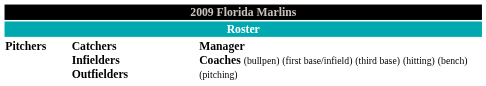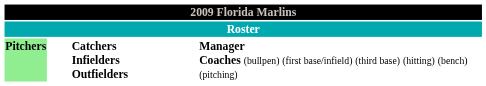 <table class="toccolours" style="font-size: 95%;">
 <tr>
 <th colspan="10" style="background-color: #000000; color: #C9C0BB; text-align: center;">2009 Florida Marlins</th>
 </tr>
 <tr>
 <td colspan="10" style="background-color: #00a8b0; color: #FFFFFF; text-align: center;"><strong>Roster</strong></td>
 </tr>
 <tr>
-<td valign="top"><strong>Pitchers</strong><br>                        </td>
+<td valign="top" style="background: lightgreen;"><strong>Pitchers</strong><br>                        </td>
 <td width="25px"></td>
 <td valign="top"><strong>Catchers</strong><br>  <strong>Infielders</strong>           <strong>Outfielders</strong>       </td>
 <td width="25px"></td>
 <td valign="top"><strong>Manager</strong><br> <strong>Coaches</strong>   <small>(bullpen)</small>  <small>(first base/infield)</small>  <small>(third base)</small>  <small>(hitting)</small>  <small>(bench)</small>  <small>(pitching)</small></td>
 </tr>
 </table>
